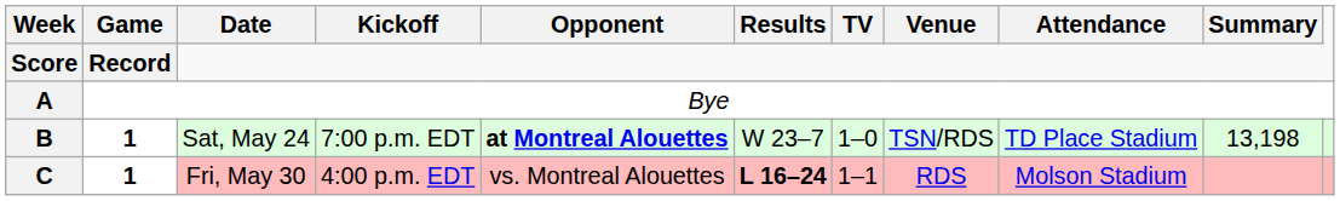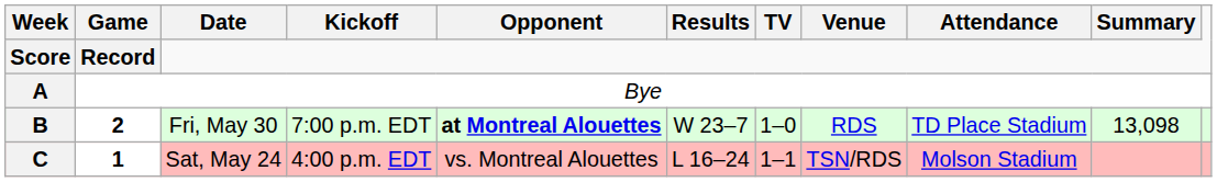 <table class="wikitable" style="font-size: 95%;">
 <tr>
 <th scope="col">Week</th>
 <th scope="col">Game</th>
 <th scope="col">Date</th>
 <th scope="col">Kickoff</th>
 <th scope="col">Opponent</th>
 <th scope="col">Results</th>
 <th scope="col">TV</th>
 <th scope="col">Venue</th>
 <th scope="col">Attendance</th>
 <th scope="col">Summary</th>
 </tr>
 <tr>
 <th scope="col">Score</th>
 <th scope="col">Record</th>
 </tr>
 <tr align="center" bgcolor="#ffffff">
 <th align="center"><strong>A</strong></th>
 <td colspan=10 align="center" valign="middle"><em>Bye</em></td>
 </tr>
 <tr align="center" bgcolor="#ddffdd">
 <th align="center"><strong>B</strong></th>
-<th style="text-align:center; background:white;"><span>1</span></th>
-<td align="center">Sat, May 24</td>
+<th style="text-align:center; background:white;"><span>2</span></th>
+<td align="center">Fri, May 30</td>
 <td align="center">7:00 p.m. EDT</td>
 <td align="center"><strong>at <a href='#'>Montreal Alouettes</a></strong></td>
 <td align="center">W 23–7</td>
 <td align="center">1–0</td>
-<td align="center"><a href='#'>TSN</a>/RDS</td>
+<td align="center"><a href='#'>RDS</a></td>
 <td align="center"><a href='#'>TD Place Stadium</a></td>
-<td align="center">13,198</td>
+<td align="center">13,098</td>
 <td align="center"></td>
 </tr>
 <tr align="center" bgcolor="#ffbbbb">
 <th align="center"><strong>C</strong></th>
 <th style="text-align:center; background:white;"><span>1</span></th>
-<td align="center">Fri, May 30</td>
+<td align="center">Sat, May 24</td>
 <td align="center">4:00 p.m. <a href='#'>EDT</a></td>
 <td align="center">vs. Montreal Alouettes</td>
-<td align="center"><strong>L 16–24</strong></td>
+<td align="center">L 16–24</td>
 <td align="center">1–1</td>
-<td align="center"><a href='#'>RDS</a></td>
+<td align="center"><a href='#'>TSN</a>/RDS</td>
 <td align="center"><a href='#'>Molson Stadium</a></td>
 <td align="center"></td>
 <td align="center"></td>
 </tr>
 </table>
